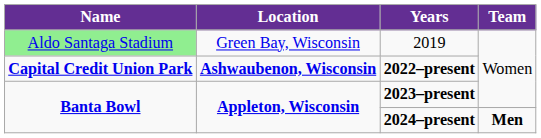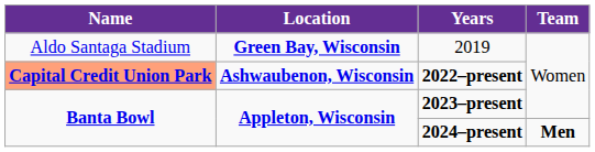 <table class="wikitable" style="text-align:center">
 <tr>
 <th style="background:#632E93; color:#ffffff; text-align:center;">Name</th>
 <th style="background:#632E93; color:#ffffff; text-align:center;">Location</th>
 <th style="background:#632E93; color:#ffffff; text-align:center;">Years</th>
 <th style="background:#632E93; color:#ffffff; text-align:center;">Team</th>
 </tr>
 <tr>
-<td style="background: lightgreen;"><a href='#'>Aldo Santaga Stadium</a></td>
-<td><a href='#'>Green Bay, Wisconsin</a></td>
+<td><a href='#'>Aldo Santaga Stadium</a></td>
+<td><strong><a href='#'>Green Bay, Wisconsin</a></strong></td>
 <td>2019</td>
 <td rowspan="3">Women</td>
 </tr>
 <tr>
-<td><strong><a href='#'>Capital Credit Union Park</a></strong></td>
+<td style="background: lightsalmon;"><strong><a href='#'>Capital Credit Union Park</a></strong></td>
 <td><strong><a href='#'>Ashwaubenon, Wisconsin</a></strong></td>
 <td><strong>2022–present</strong></td>
 </tr>
 <tr>
 <td rowspan="2"><strong><a href='#'>Banta Bowl</a></strong></td>
 <td rowspan="2"><strong><a href='#'>Appleton, Wisconsin</a></strong></td>
 <td><strong>2023–present</strong></td>
 </tr>
 <tr>
 <td><strong>2024–present</strong></td>
 <td><strong>Men</strong></td>
 </tr>
 </table>
